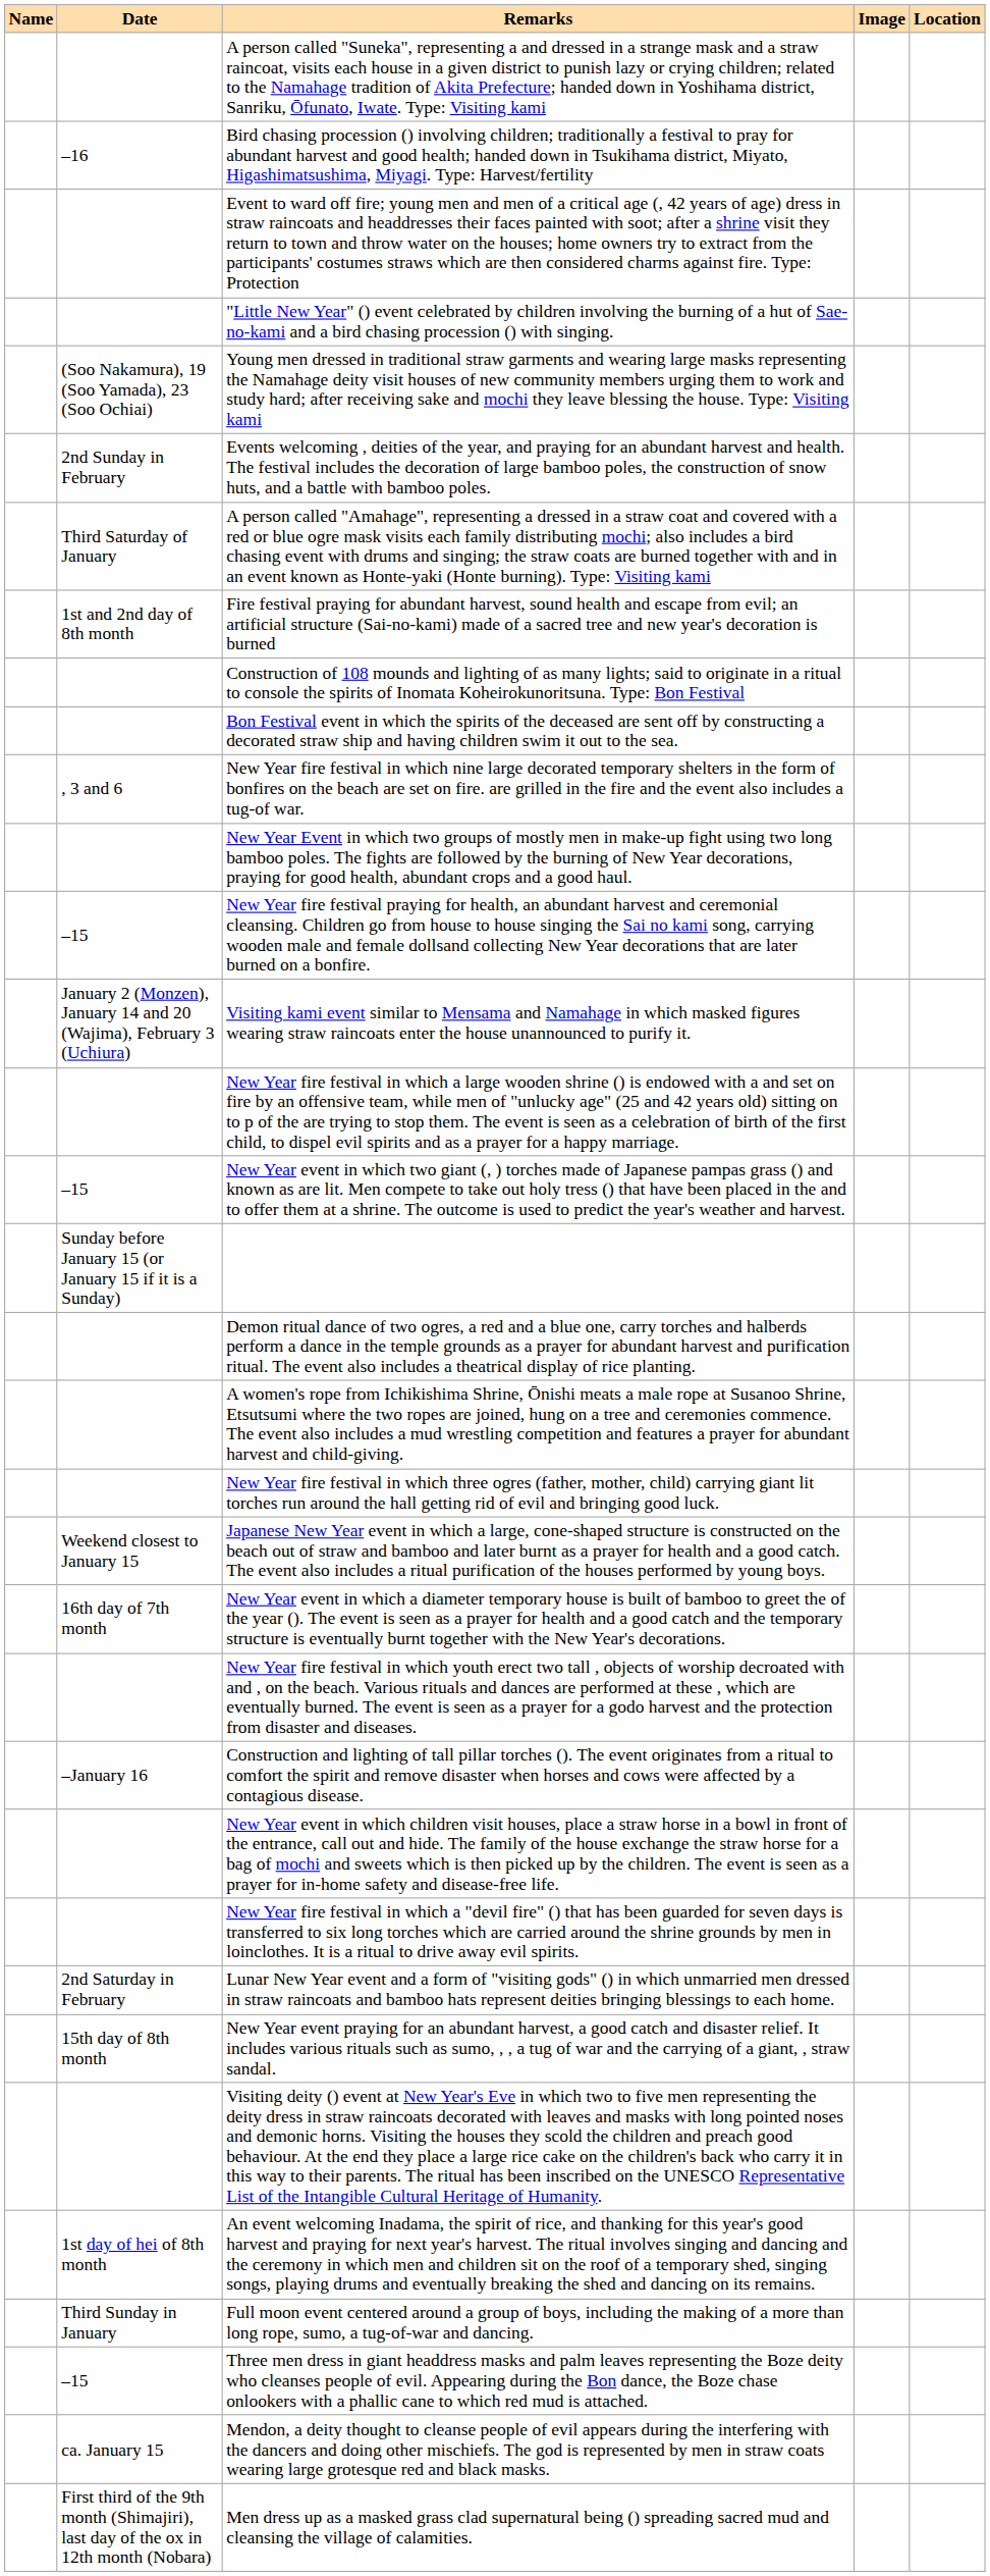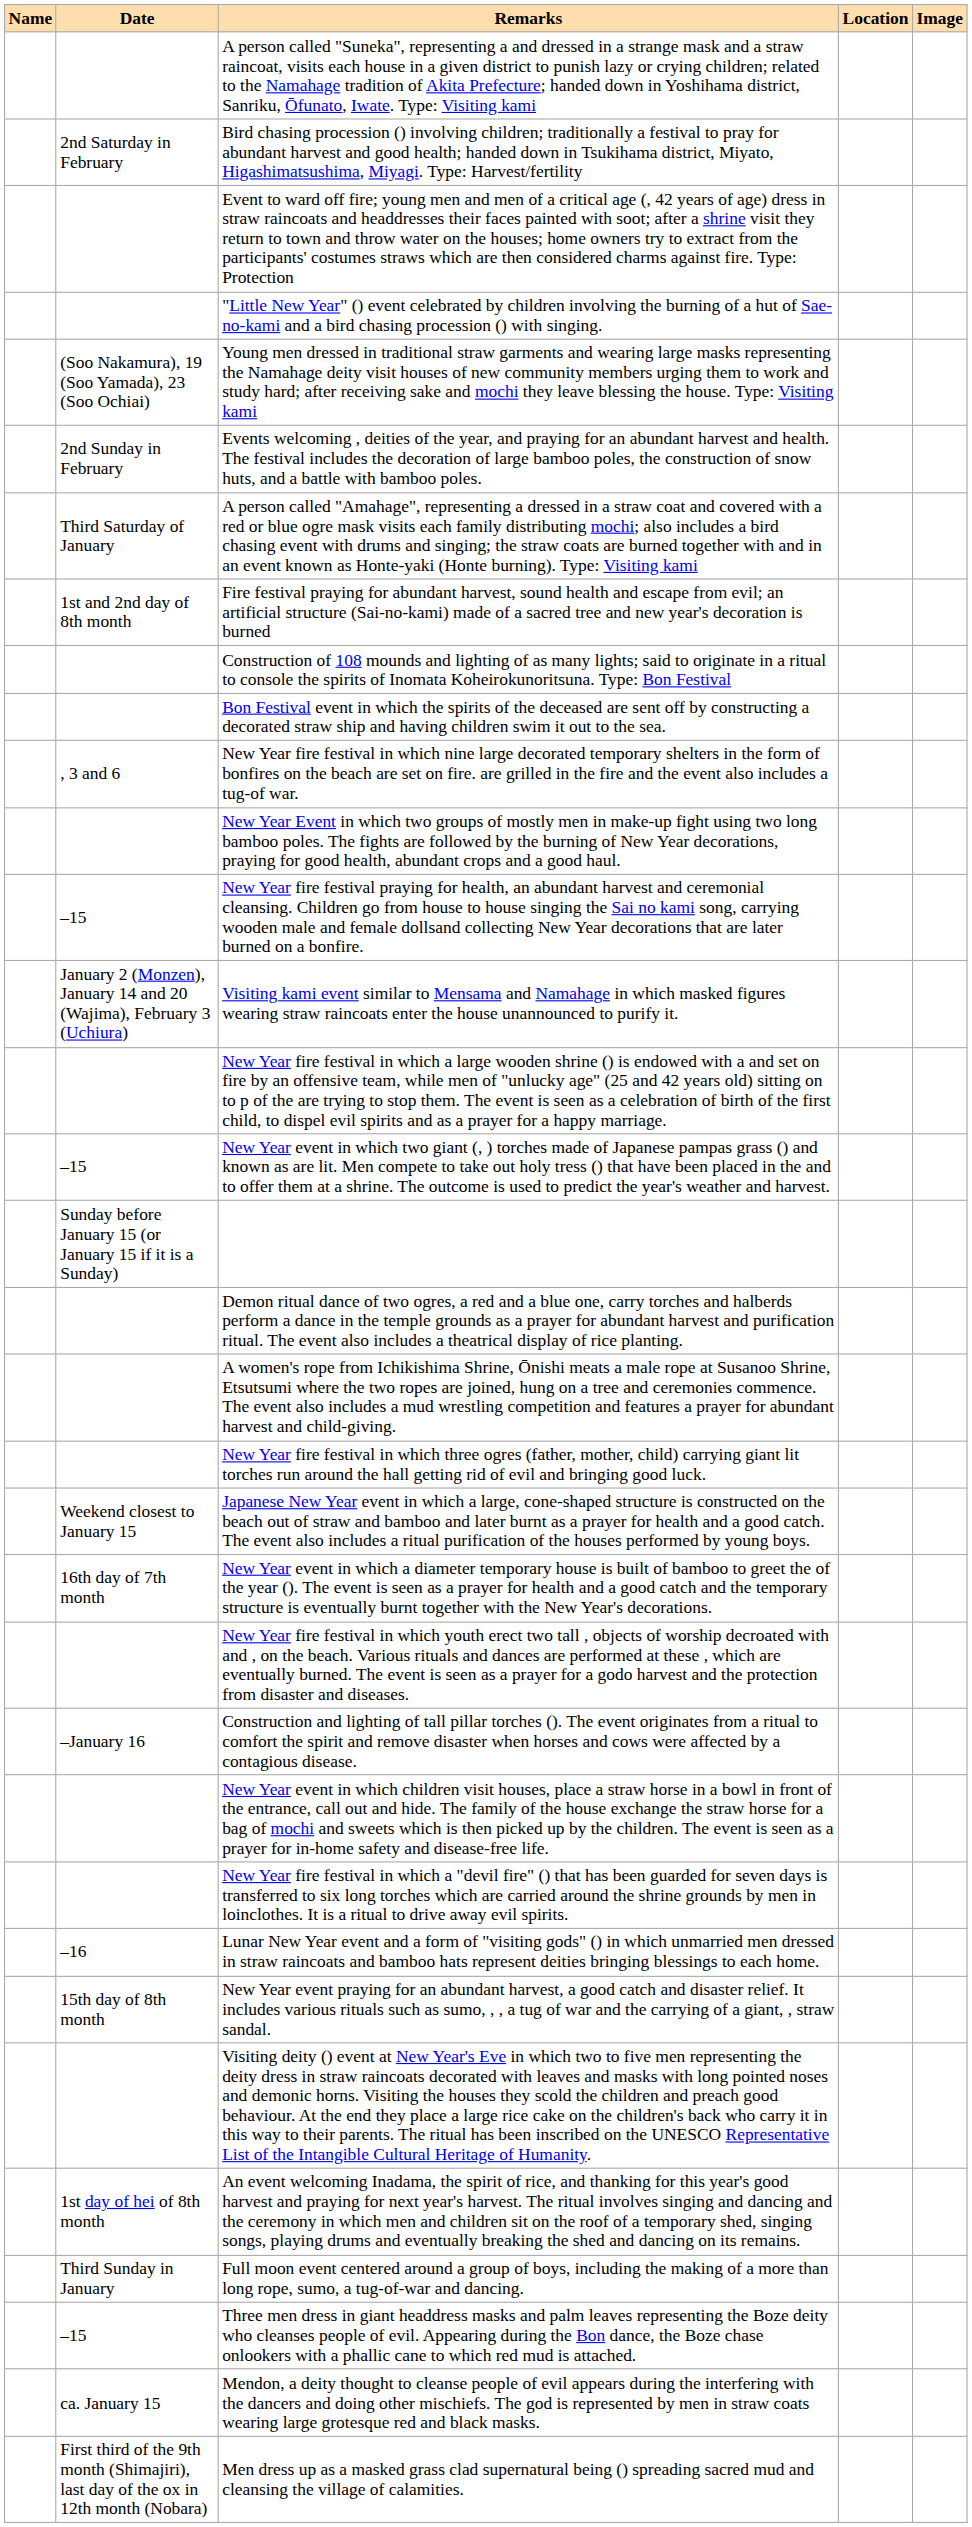 <table class="wikitable sortable" width="100%" style="background:#ffffff;">
 <tr>
 <th align="left" style="background:#ffdead;">Name</th>
 <th align="left" style="background:#ffdead;">Date</th>
 <th align="left" style="background:#ffdead;" class="unsortable">Remarks</th>
+<th style="background:#ffdead;">Location</th>
 <th align="left" style="background:#ffdead;" class="unsortable">Image</th>
-<th style="background:#ffdead;">Location</th>
 </tr>
 <tr>
 <td></td>
 <td></td>
 <td>A person called "Suneka", representing a  and dressed in a strange mask and a straw raincoat, visits each house in a given district to punish lazy or crying children; related to the <a href='#'>Namahage</a> tradition of <a href='#'>Akita Prefecture</a>; handed down in Yoshihama district, Sanriku, <a href='#'>Ōfunato</a>, <a href='#'>Iwate</a>. Type: <a href='#'>Visiting kami</a></td>
 <td></td>
 <td></td>
 </tr>
 <tr>
 <td></td>
-<td>–16</td>
+<td>2nd Saturday in February</td>
 <td>Bird chasing procession () involving children; traditionally a festival to pray for abundant harvest and good health; handed down in Tsukihama district, Miyato, <a href='#'>Higashimatsushima</a>, <a href='#'>Miyagi</a>. Type: Harvest/fertility</td>
 <td></td>
 <td></td>
 </tr>
 <tr>
 <td></td>
 <td></td>
 <td>Event to ward off fire; young men and men of a critical age (, 42 years of age) dress in straw raincoats and headdresses their faces painted with soot; after a <a href='#'>shrine</a> visit they return to town and throw water on the houses; home owners try to extract from the participants' costumes straws which are then considered charms against fire. Type: Protection</td>
 <td></td>
 <td></td>
 </tr>
 <tr>
 <td></td>
 <td></td>
 <td>"<a href='#'>Little New Year</a>" () event celebrated by children involving the burning of a hut of <a href='#'>Sae-no-kami</a> and a bird chasing procession () with singing.</td>
 <td></td>
 <td></td>
 </tr>
 <tr>
 <td></td>
 <td> (Soo Nakamura), 19 (Soo Yamada), 23 (Soo Ochiai)</td>
 <td>Young men dressed in traditional straw garments and wearing large masks representing the Namahage deity visit houses of new community members urging them to work and study hard; after receiving sake and <a href='#'>mochi</a> they leave blessing the house. Type: <a href='#'>Visiting kami</a></td>
 <td></td>
 <td></td>
 </tr>
 <tr>
 <td></td>
 <td>2nd Sunday in February</td>
 <td>Events welcoming , deities of the year, and praying for an abundant harvest and health. The festival includes the decoration of large bamboo poles, the construction of snow huts, and a battle with bamboo poles.</td>
 <td></td>
 <td></td>
 </tr>
 <tr>
 <td></td>
 <td>Third Saturday of January</td>
 <td>A person called "Amahage", representing a  dressed in a straw coat and covered with a red or blue ogre mask visits each family distributing <a href='#'>mochi</a>; also includes a  bird chasing event with drums and singing; the straw coats are burned together with  and  in an event known as Honte-yaki (Honte burning). Type: <a href='#'>Visiting kami</a></td>
 <td></td>
 <td></td>
 </tr>
 <tr>
 <td></td>
 <td>1st and 2nd day of 8th month</td>
 <td>Fire festival praying for abundant harvest, sound health and escape from evil; an artificial structure (Sai-no-kami) made of a sacred tree and new year's decoration is burned</td>
 <td></td>
 <td></td>
 </tr>
 <tr>
 <td></td>
 <td></td>
 <td>Construction of <a href='#'>108</a> mounds and lighting of as many lights; said to originate in a ritual to console the spirits of Inomata Koheirokunoritsuna. Type: <a href='#'>Bon Festival</a></td>
 <td></td>
 <td></td>
 </tr>
 <tr>
 <td></td>
 <td></td>
 <td><a href='#'>Bon Festival</a> event in which the spirits of the deceased are sent off by constructing a  decorated straw ship and having children swim it out to the sea.</td>
 <td></td>
 <td></td>
 </tr>
 <tr>
 <td></td>
 <td>, 3 and 6</td>
 <td>New Year fire festival in which nine large decorated temporary shelters in the form of bonfires on the beach are set on fire.  are grilled in the fire and the event also includes a tug-of war.</td>
 <td></td>
 <td></td>
 </tr>
 <tr>
 <td></td>
 <td></td>
 <td><a href='#'>New Year Event</a> in which two groups of mostly men in  make-up fight using two  long bamboo poles. The fights are followed by the burning of New Year decorations, praying for good health, abundant crops and a good haul.</td>
 <td></td>
 <td></td>
 </tr>
 <tr>
 <td></td>
 <td>–15</td>
 <td><a href='#'>New Year</a> fire festival praying for health, an abundant harvest and ceremonial cleansing. Children go from house to house singing the <a href='#'>Sai no kami</a> song, carrying wooden male and female dollsand collecting New Year decorations that are later burned on a bonfire.</td>
 <td></td>
 <td></td>
 </tr>
 <tr>
 <td></td>
 <td>January 2 (<a href='#'>Monzen</a>), January 14 and 20 (Wajima), February 3 (<a href='#'>Uchiura</a>)</td>
 <td><a href='#'>Visiting kami event</a> similar to <a href='#'>Mensama</a> and <a href='#'>Namahage</a> in which masked figures wearing straw raincoats enter the house unannounced to purify it.</td>
 <td></td>
 <td></td>
 </tr>
 <tr>
 <td></td>
 <td></td>
 <td><a href='#'>New Year</a> fire festival in which a large wooden shrine () is endowed with a  and set on fire by an offensive team, while men of "unlucky age" (25 and 42 years old) sitting on to p of the  are trying to stop them. The event is seen as a celebration of birth of the first child, to dispel evil spirits and as a prayer for a happy marriage.</td>
 <td></td>
 <td></td>
 </tr>
 <tr>
 <td></td>
 <td>–15</td>
 <td><a href='#'>New Year</a> event in which two giant (, ) torches made of Japanese pampas grass () and known as  are lit. Men compete to take out holy tress () that have been placed in the  and to offer them at a shrine. The outcome is used to predict the year's weather and harvest.</td>
 <td></td>
 <td></td>
 </tr>
 <tr>
 <td></td>
 <td>Sunday before January 15 (or January 15 if it is a Sunday)</td>
 <td></td>
 <td></td>
 <td></td>
 </tr>
 <tr>
 <td></td>
 <td></td>
 <td>Demon ritual dance of two ogres, a red and a blue one, carry torches and halberds perform a dance in the temple grounds as a prayer for abundant harvest and purification ritual. The event also includes a theatrical display of rice planting.</td>
 <td></td>
 <td></td>
 </tr>
 <tr>
 <td></td>
 <td></td>
 <td>A women's rope from Ichikishima Shrine, Ōnishi meats a male rope at Susanoo Shrine, Etsutsumi where the two ropes are joined, hung on a tree and ceremonies commence. The event also includes a mud wrestling competition and features a prayer for abundant harvest and child-giving.</td>
 <td></td>
 <td></td>
 </tr>
 <tr>
 <td></td>
 <td></td>
 <td><a href='#'>New Year</a> fire festival in which three ogres (father, mother, child) carrying giant lit torches run around the hall getting rid of evil and bringing good luck.</td>
 <td></td>
 <td></td>
 </tr>
 <tr>
 <td></td>
 <td>Weekend closest to January 15</td>
 <td><a href='#'>Japanese New Year</a> event in which a large, cone-shaped structure is constructed on the beach out of straw and bamboo and later burnt as a prayer for health and a good catch. The event also includes a ritual purification of the houses performed by young boys.</td>
 <td></td>
 <td></td>
 </tr>
 <tr>
 <td></td>
 <td>16th day of 7th month</td>
 <td><a href='#'>New Year</a> event in which a  diameter temporary house is built  of bamboo to greet  the  of the year (). The event is seen as a prayer for health and a good catch and the temporary structure is eventually burnt together with the New Year's decorations.</td>
 <td></td>
 <td></td>
 </tr>
 <tr>
 <td></td>
 <td></td>
 <td><a href='#'>New Year</a> fire festival in which youth erect two  tall  , objects of worship decroated with  and , on the beach. Various rituals and dances are performed at these , which are eventually burned. The event is seen as a prayer for a godo harvest and the protection from disaster and diseases.</td>
 <td></td>
 <td></td>
 </tr>
 <tr>
 <td></td>
 <td>–January 16</td>
 <td>Construction and lighting of  tall pillar torches (). The event originates from a ritual to comfort the spirit and remove disaster when horses and cows were affected by a contagious disease.</td>
 <td></td>
 <td></td>
 </tr>
 <tr>
 <td></td>
 <td></td>
 <td><a href='#'>New Year</a> event in which children visit houses, place a straw horse in a bowl in front of the entrance, call out  and hide. The family of the house exchange the straw horse for a bag of <a href='#'>mochi</a> and sweets which is then picked up by the children. The event is seen as a prayer for in-home safety and disease-free life.</td>
 <td></td>
 <td></td>
 </tr>
 <tr>
 <td></td>
 <td></td>
 <td><a href='#'>New Year</a> fire festival in which a "devil fire" () that has been guarded for seven days is transferred to six  long torches which are carried around the shrine grounds by men in loinclothes. It is a ritual to drive away evil spirits.</td>
 <td></td>
 <td></td>
 </tr>
 <tr>
 <td></td>
-<td>2nd Saturday in February</td>
+<td>–16</td>
 <td>Lunar New Year event and a form of "visiting gods" () in which unmarried men dressed in straw raincoats and bamboo hats represent deities bringing blessings to each home.</td>
 <td></td>
 <td></td>
 </tr>
 <tr>
 <td></td>
 <td>15th day of 8th month</td>
 <td>New Year event praying for an abundant harvest, a good catch and disaster relief. It includes various rituals such as sumo, , , a tug of war and the carrying of a giant, ,  straw sandal.</td>
 <td></td>
 <td></td>
 </tr>
 <tr>
 <td></td>
 <td></td>
 <td>Visiting deity () event at <a href='#'>New Year's Eve</a> in which two to five men representing the deity  dress in straw raincoats decorated with leaves and masks with long pointed noses and demonic horns. Visiting the houses they scold the children and preach good behaviour. At the end they place a large rice cake on the children's back who carry it in this way to their parents. The ritual has been inscribed on the UNESCO <a href='#'>Representative List of the Intangible Cultural Heritage of Humanity</a>.</td>
 <td></td>
 <td></td>
 </tr>
 <tr>
 <td></td>
 <td>1st <a href='#'>day of hei</a> of 8th month</td>
 <td>An event welcoming Inadama, the spirit of rice, and thanking for this year's good harvest and praying for next year's harvest. The ritual involves singing and dancing and the  ceremony in which men and children sit on the roof of a temporary shed, singing songs, playing drums and eventually breaking the shed and dancing on its remains.</td>
 <td></td>
 <td></td>
 </tr>
 <tr>
 <td></td>
 <td>Third Sunday in January</td>
 <td>Full moon event centered around a group of boys, including the making of a more than  long rope, sumo, a tug-of-war and dancing.</td>
 <td></td>
 <td></td>
 </tr>
 <tr>
 <td></td>
 <td>–15</td>
 <td>Three men dress in giant headdress masks and palm leaves representing the Boze deity who cleanses people of evil. Appearing during the <a href='#'>Bon</a> dance, the Boze chase onlookers with a phallic cane to which red mud is attached.</td>
 <td></td>
 <td></td>
 </tr>
 <tr>
 <td></td>
 <td> ca. January 15</td>
 <td>Mendon, a deity thought to cleanse people of evil appears during the  interfering with the dancers and doing other mischiefs. The god is represented by men in straw coats wearing large grotesque red and black masks.</td>
 <td></td>
 <td></td>
 </tr>
 <tr>
 <td></td>
 <td>First third of the 9th month (Shimajiri), last day of the ox in 12th month (Nobara)</td>
 <td>Men dress up as a masked grass clad supernatural being () spreading sacred mud and cleansing the village of calamities.</td>
 <td></td>
 <td></td>
 </tr>
 </table>
